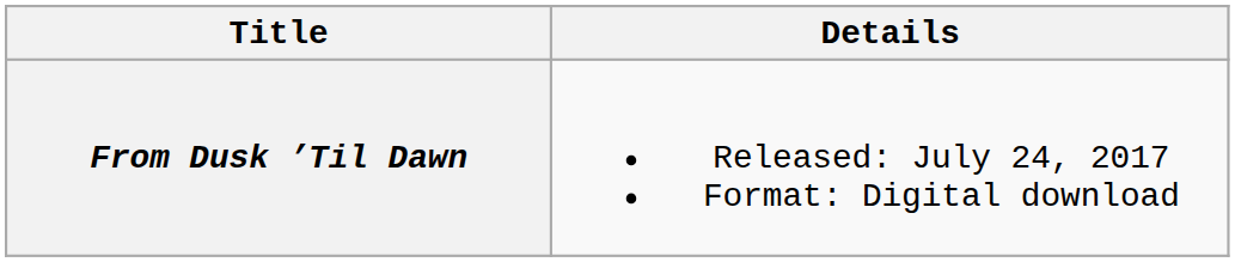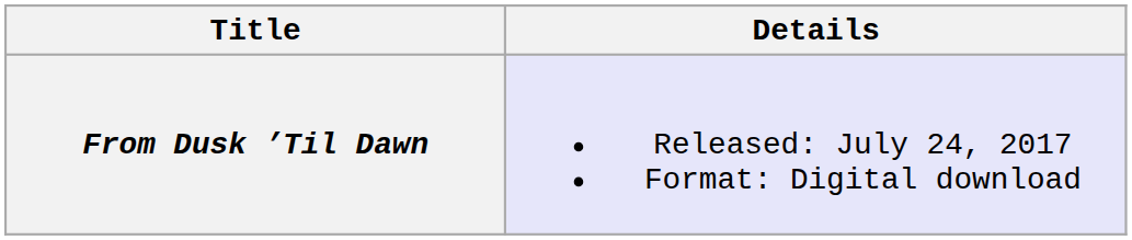 <table class="wikitable plainrowheaders" style="text-align:center;">
 <tr>
 <th scope="col" style="width:16em;">Title</th>
 <th scope="col" style="width:20em;">Details</th>
 </tr>
 <tr>
 <th scope="row"><em>From Dusk ’Til Dawn</em></th>
-<td><br><ul><li>Released: July 24, 2017</li><li>Format: Digital download</li></ul></td>
+<td style="background: lavender;"><br><ul><li>Released: July 24, 2017</li><li>Format: Digital download</li></ul></td>
 </tr>
 </table>
